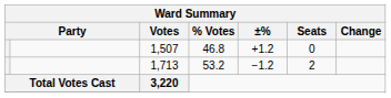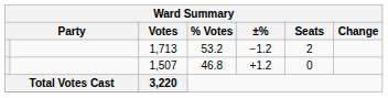 <table class="wikitable" style="font-size: 95%;">
 <tr>
 <th colspan="7">Ward Summary</th>
 </tr>
 <tr>
 <th colspan="2">Party</th>
 <th style="width: 60px">Votes</th>
 <th style="width: 60px">% Votes</th>
 <th style="width: 60px">±%</th>
 <th style="width: 60px">Seats</th>
 <th style="width: 60px">Change</th>
 </tr>
 <tr>
 <th style="background-color: "></th>
 <td style="width: 170px"><a href='#'></a></td>
-<td align="center">1,507</td>
-<td align="center">46.8</td>
-<td align="center">+1.2</td>
-<td align="center">0</td>
+<td align="center">1,713</td>
+<td align="center">53.2</td>
+<td align="center">−1.2</td>
+<td align="center">2</td>
 <td align="center"></td>
 </tr>
 <tr>
 <th style="background-color: "></th>
 <td style="width: 170px"><a href='#'></a></td>
-<td align="center">1,713</td>
-<td align="center">53.2</td>
-<td align="center">−1.2</td>
-<td align="center">2</td>
+<td align="center">1,507</td>
+<td align="center">46.8</td>
+<td align="center">+1.2</td>
+<td align="center">0</td>
 <td align="center"></td>
 </tr>
 <tr style="background-color:#E9E9E9">
 <th colspan="2">Total Votes Cast</th>
 <th style="width: 60px">3,220</th>
 </tr>
 <tr style="background-color:#E9E9E9">
 </tr>
 </table>
